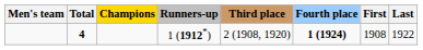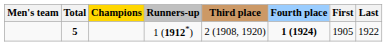 <table class="wikitable" style="text-align: center; font-size: 90%; margin-left: 1em;">
 <tr>
 <th>Men's team</th>
 <th>Total</th>
 <th style="background-color: gold;">Champions</th>
 <th style="background-color: silver;">Runners-up</th>
 <th style="background-color: #cc9966;">Third place</th>
 <th style="background-color: #9acdff;">Fourth place</th>
 <th>First</th>
 <th>Last</th>
 </tr>
 <tr>
 <td style="text-align: left;"></td>
-<td><strong>4</strong></td>
+<td><strong>5</strong></td>
 <td></td>
 <td>1 (<strong>1912</strong><sup>*</sup>)</td>
 <td>2 (1908, 1920)</td>
 <td><strong>1 (1924)</strong></td>
-<td>1908</td>
+<td>1905</td>
 <td>1922</td>
 </tr>
 </table>
